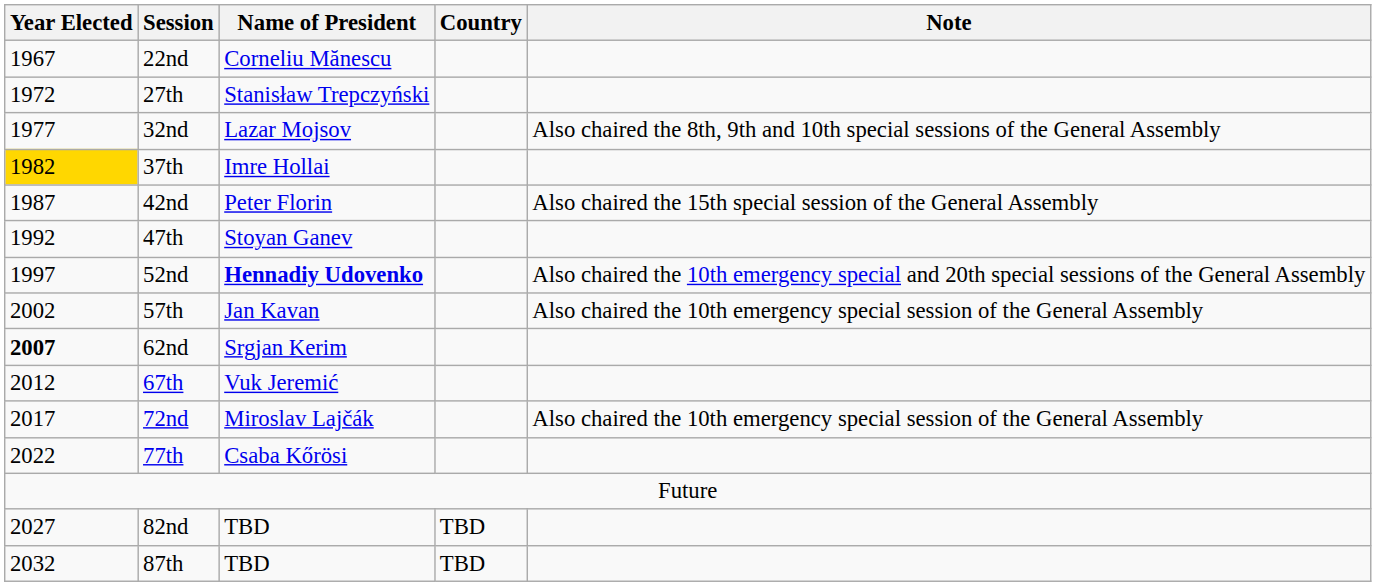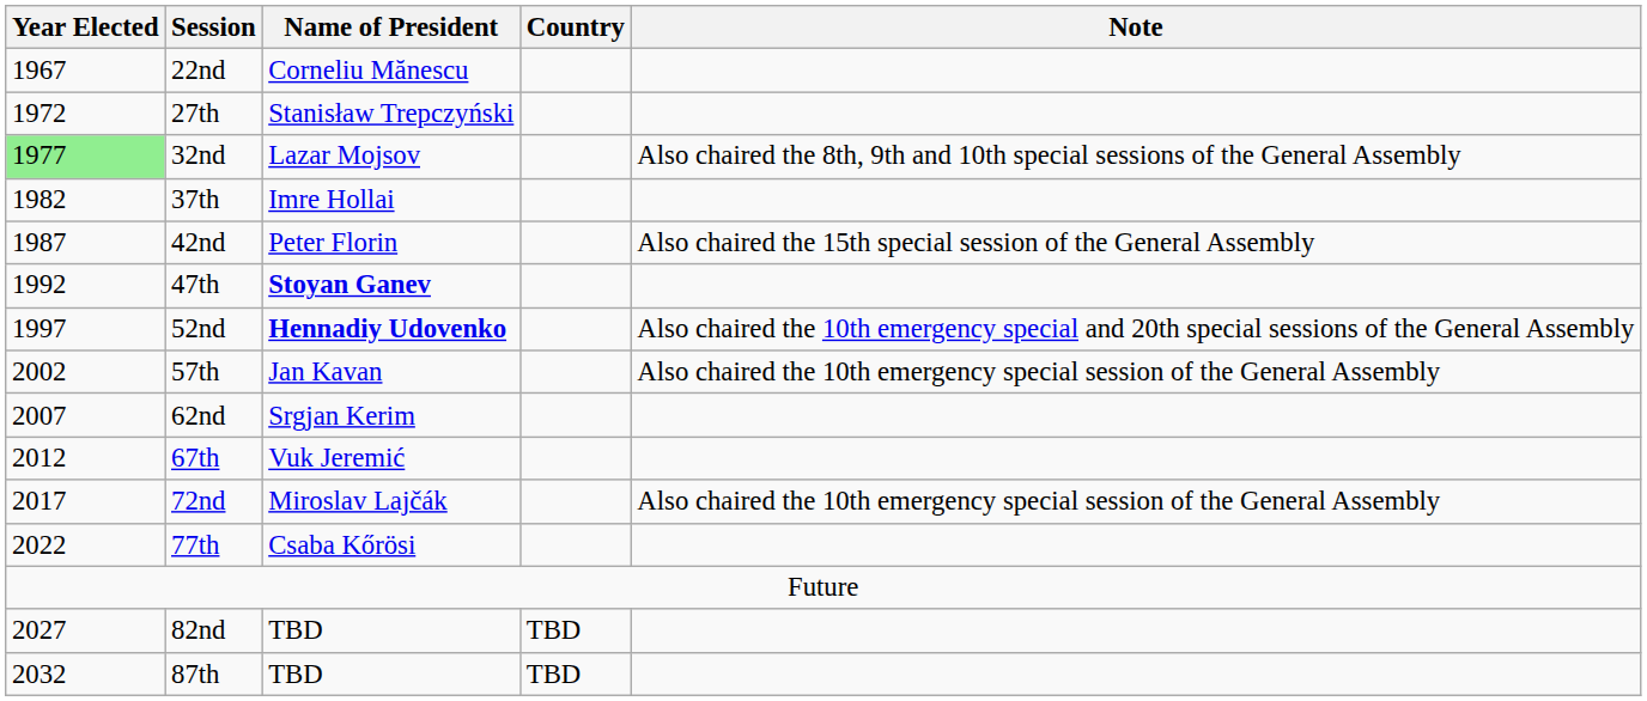 <table class="wikitable sortable">
 <tr>
 <th>Year Elected</th>
 <th>Session</th>
 <th>Name of President</th>
 <th>Country</th>
 <th>Note</th>
 </tr>
 <tr>
 <td>1967</td>
 <td>22nd</td>
 <td><a href='#'>Corneliu Mănescu</a></td>
 <td></td>
 <td></td>
 </tr>
 <tr>
 <td>1972</td>
 <td>27th</td>
 <td><a href='#'>Stanisław Trepczyński</a></td>
 <td></td>
 <td></td>
 </tr>
 <tr>
-<td>1977</td>
+<td style="background: lightgreen;">1977</td>
 <td>32nd</td>
 <td><a href='#'>Lazar Mojsov</a></td>
 <td></td>
 <td>Also chaired the 8th, 9th and 10th special sessions of the General Assembly</td>
 </tr>
 <tr>
-<td style="background: gold;">1982</td>
+<td>1982</td>
 <td>37th</td>
 <td><a href='#'>Imre Hollai</a></td>
 <td></td>
 <td></td>
 </tr>
 <tr>
 <td>1987</td>
 <td>42nd</td>
 <td><a href='#'>Peter Florin</a></td>
 <td></td>
 <td>Also chaired the 15th special session of the General Assembly</td>
 </tr>
 <tr>
 <td>1992</td>
 <td>47th</td>
-<td><a href='#'>Stoyan Ganev</a></td>
+<td><strong><a href='#'>Stoyan Ganev</a></strong></td>
 <td></td>
 <td></td>
 </tr>
 <tr>
 <td>1997</td>
 <td>52nd</td>
 <td><strong><a href='#'>Hennadiy Udovenko</a></strong></td>
 <td></td>
 <td>Also chaired the <a href='#'>10th emergency special</a> and 20th special sessions of the General Assembly</td>
 </tr>
 <tr>
 <td>2002</td>
 <td>57th</td>
 <td><a href='#'>Jan Kavan</a></td>
 <td></td>
 <td>Also chaired the 10th emergency special session of the General Assembly</td>
 </tr>
 <tr>
-<td><strong>2007</strong></td>
+<td>2007</td>
 <td>62nd</td>
 <td><a href='#'>Srgjan Kerim</a></td>
 <td></td>
 <td></td>
 </tr>
 <tr>
 <td>2012</td>
 <td><a href='#'>67th</a></td>
 <td><a href='#'>Vuk Jeremić</a></td>
 <td></td>
 <td></td>
 </tr>
 <tr>
 <td>2017</td>
 <td><a href='#'>72nd</a></td>
 <td><a href='#'>Miroslav Lajčák</a></td>
 <td></td>
 <td>Also chaired the 10th emergency special session of the General Assembly</td>
 </tr>
 <tr>
 <td>2022</td>
 <td><a href='#'>77th</a></td>
 <td><a href='#'>Csaba Kőrösi</a></td>
 <td></td>
 <td></td>
 </tr>
 <tr>
 <td colspan="5" style="text-align: center;">Future</td>
 </tr>
 <tr>
 <td>2027</td>
 <td>82nd</td>
 <td>TBD</td>
 <td>TBD</td>
 <td></td>
 </tr>
 <tr>
 <td>2032</td>
 <td>87th</td>
 <td>TBD</td>
 <td>TBD</td>
 <td></td>
 </tr>
 </table>
